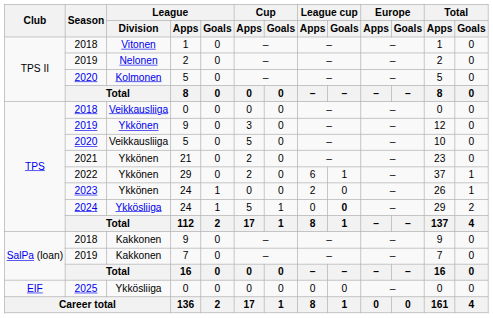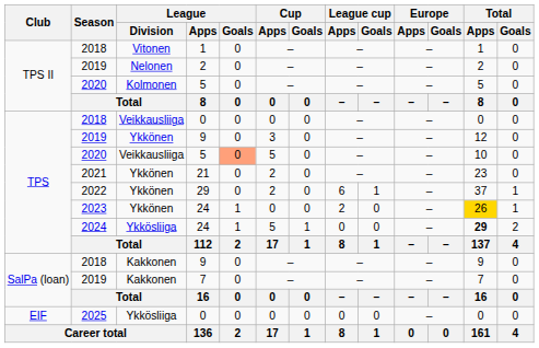 <table class="wikitable" style="text-align:center">
 <tr>
 <th rowspan="2">Club</th>
 <th rowspan="2">Season</th>
 <th colspan="3">League</th>
 <th colspan="2">Cup</th>
 <th colspan="2">League cup</th>
 <th colspan="2">Europe</th>
 <th colspan="2">Total</th>
 </tr>
 <tr>
 <th>Division</th>
 <th>Apps</th>
 <th>Goals</th>
 <th>Apps</th>
 <th>Goals</th>
 <th>Apps</th>
 <th>Goals</th>
 <th>Apps</th>
 <th>Goals</th>
 <th>Apps</th>
 <th>Goals</th>
 </tr>
 <tr>
 <td rowspan=4>TPS II</td>
 <td>2018</td>
 <td><a href='#'>Vitonen</a></td>
 <td>1</td>
 <td>0</td>
 <td colspan=2>–</td>
 <td colspan=2>–</td>
 <td colspan=2>–</td>
 <td>1</td>
 <td>0</td>
 </tr>
 <tr>
 <td>2019</td>
 <td><a href='#'>Nelonen</a></td>
 <td>2</td>
 <td>0</td>
 <td colspan=2>–</td>
 <td colspan=2>–</td>
 <td colspan=2>–</td>
 <td>2</td>
 <td>0</td>
 </tr>
 <tr>
 <td><a href='#'>2020</a></td>
 <td><a href='#'>Kolmonen</a></td>
 <td>5</td>
 <td>0</td>
 <td colspan=2>–</td>
 <td colspan=2>–</td>
 <td colspan=2>–</td>
 <td>5</td>
 <td>0</td>
 </tr>
 <tr>
 <th colspan="2">Total</th>
 <th>8</th>
 <th>0</th>
 <th>0</th>
 <th>0</th>
 <th>–</th>
 <th>–</th>
 <th>–</th>
 <th>–</th>
 <th>8</th>
 <th>0</th>
 </tr>
 <tr>
 <td rowspan=8><a href='#'>TPS</a></td>
 <td><a href='#'>2018</a></td>
 <td><a href='#'>Veikkausliiga</a></td>
 <td>0</td>
 <td>0</td>
 <td>0</td>
 <td>0</td>
 <td colspan=2>–</td>
 <td colspan=2>–</td>
 <td>0</td>
 <td>0</td>
 </tr>
 <tr>
 <td><a href='#'>2019</a></td>
 <td><a href='#'>Ykkönen</a></td>
 <td>9</td>
 <td>0</td>
 <td>3</td>
 <td>0</td>
 <td colspan=2>–</td>
 <td colspan=2>–</td>
 <td>12</td>
 <td>0</td>
 </tr>
 <tr>
 <td><a href='#'>2020</a></td>
 <td>Veikkausliiga</td>
 <td>5</td>
-<td>0</td>
+<td style="background: lightsalmon;">0</td>
 <td>5</td>
 <td>0</td>
 <td colspan=2>–</td>
 <td colspan=2>–</td>
 <td>10</td>
 <td>0</td>
 </tr>
 <tr>
 <td>2021</td>
 <td>Ykkönen</td>
 <td>21</td>
 <td>0</td>
 <td>2</td>
 <td>0</td>
 <td colspan=2>–</td>
 <td colspan=2>–</td>
 <td>23</td>
 <td>0</td>
 </tr>
 <tr>
 <td>2022</td>
 <td>Ykkönen</td>
 <td>29</td>
 <td>0</td>
 <td>2</td>
 <td>0</td>
 <td>6</td>
 <td>1</td>
 <td colspan=2>–</td>
 <td>37</td>
 <td>1</td>
 </tr>
 <tr>
 <td><a href='#'>2023</a></td>
 <td>Ykkönen</td>
 <td>24</td>
 <td>1</td>
 <td>0</td>
 <td>0</td>
 <td>2</td>
 <td>0</td>
 <td colspan=2>–</td>
-<td>26</td>
+<td style="background: gold;">26</td>
 <td>1</td>
 </tr>
 <tr>
 <td><a href='#'>2024</a></td>
 <td><a href='#'>Ykkösliiga</a></td>
 <td>24</td>
 <td>1</td>
 <td>5</td>
 <td>1</td>
 <td>0</td>
-<td><strong>0</strong></td>
+<td>0</td>
 <td colspan=2>–</td>
-<td>29</td>
+<td><strong>29</strong></td>
 <td>2</td>
 </tr>
 <tr>
 <th colspan="2">Total</th>
 <th>112</th>
 <th>2</th>
 <th>17</th>
 <th>1</th>
 <th>8</th>
 <th>1</th>
 <th>–</th>
 <th>–</th>
 <th>137</th>
 <th>4</th>
 </tr>
 <tr>
 <td rowspan=3><a href='#'>SalPa</a> (loan)</td>
 <td>2018</td>
 <td>Kakkonen</td>
 <td>9</td>
 <td>0</td>
 <td colspan=2>–</td>
 <td colspan=2>–</td>
 <td colspan=2>–</td>
 <td>9</td>
 <td>0</td>
 </tr>
 <tr>
 <td>2019</td>
 <td>Kakkonen</td>
 <td>7</td>
 <td>0</td>
 <td colspan=2>–</td>
 <td colspan=2>–</td>
 <td colspan=2>–</td>
 <td>7</td>
 <td>0</td>
 </tr>
 <tr>
 <th colspan="2">Total</th>
 <th>16</th>
 <th>0</th>
 <th>0</th>
 <th>0</th>
 <th>–</th>
 <th>–</th>
 <th>–</th>
 <th>–</th>
 <th>16</th>
 <th>0</th>
 </tr>
 <tr>
 <td><a href='#'>EIF</a></td>
 <td><a href='#'>2025</a></td>
 <td>Ykkösliiga</td>
 <td>0</td>
 <td>0</td>
 <td>0</td>
 <td>0</td>
 <td>0</td>
 <td>0</td>
 <td colspan=2>–</td>
 <td>0</td>
 <td>0</td>
 </tr>
 <tr>
 <th colspan="3">Career total</th>
 <th>136</th>
 <th>2</th>
 <th>17</th>
 <th>1</th>
 <th>8</th>
 <th>1</th>
 <th>0</th>
 <th>0</th>
 <th>161</th>
 <th>4</th>
 </tr>
 </table>
